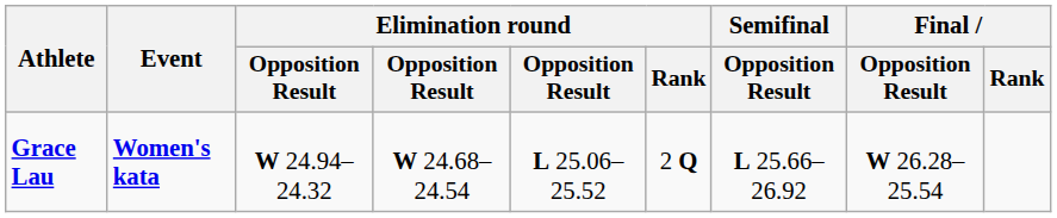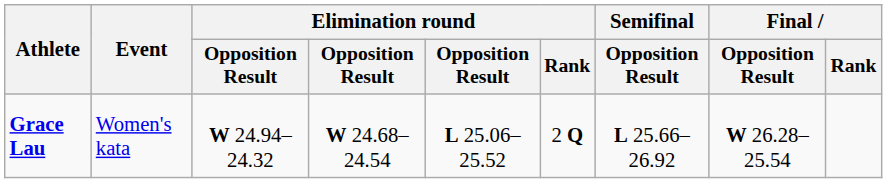 <table class=wikitable style=font-size:90%;text-align:center>
 <tr>
 <th rowspan=2>Athlete</th>
 <th rowspan=2>Event</th>
 <th colspan=4>Elimination round</th>
 <th>Semifinal</th>
 <th colspan=2>Final / </th>
 </tr>
 <tr style=font-size:95%>
 <th>Opposition<br>Result</th>
 <th>Opposition<br>Result</th>
 <th>Opposition<br>Result</th>
 <th>Rank</th>
 <th>Opposition<br>Result</th>
 <th>Opposition<br>Result</th>
 <th>Rank</th>
 </tr>
 <tr>
 <td align=left><strong><a href='#'>Grace Lau</a></strong></td>
-<td align=left><strong><a href='#'>Women's kata</a></strong></td>
+<td align=left><a href='#'>Women's kata</a></td>
 <td><br><strong>W</strong> 24.94–24.32</td>
 <td><br><strong>W</strong> 24.68–24.54</td>
 <td><br><strong>L</strong> 25.06–25.52</td>
 <td>2 <strong>Q</strong></td>
 <td><br><strong>L</strong> 25.66–26.92</td>
 <td><br><strong>W</strong> 26.28–25.54</td>
 <td></td>
 </tr>
 </table>
